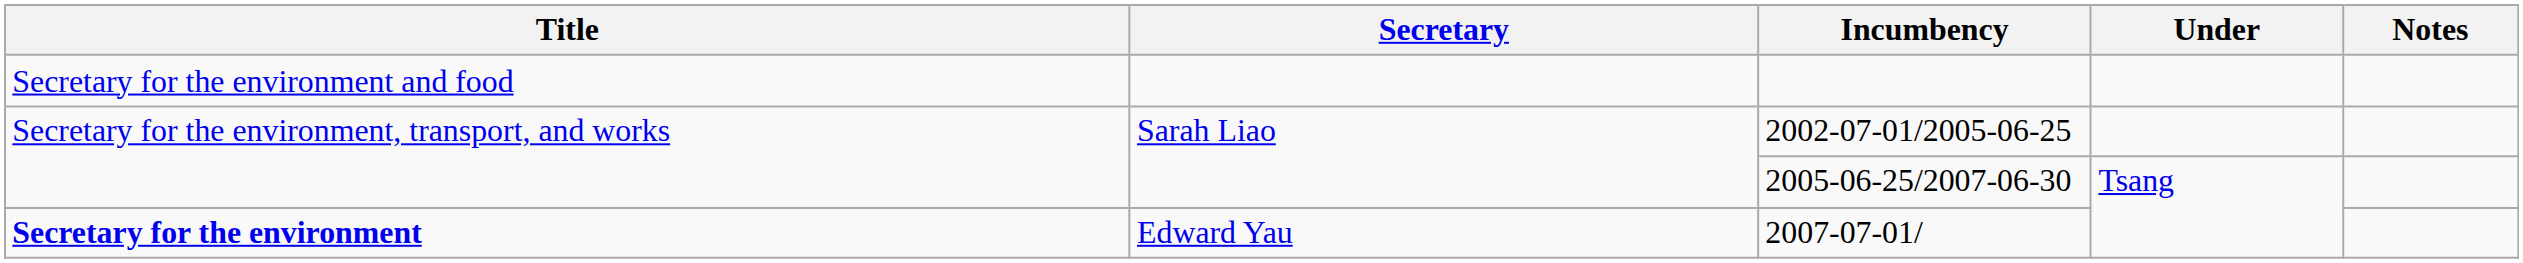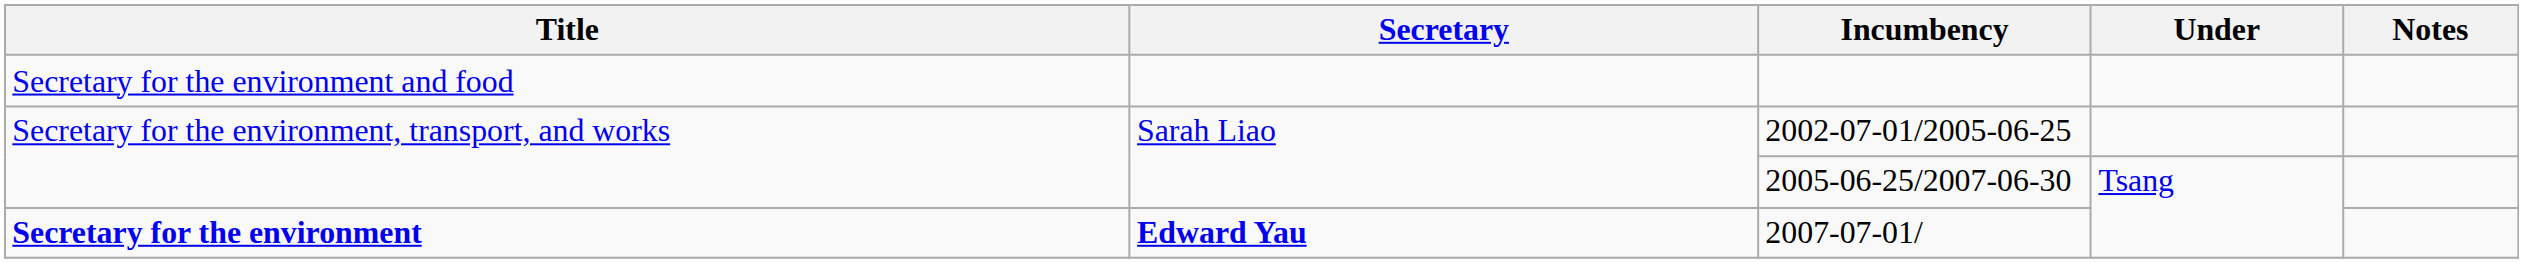 <table class="wikitable" style="width:100%;">
 <tr>
 <th>Title</th>
 <th style="width:25%;"><a href='#'>Secretary</a></th>
 <th style="width:160px;">Incumbency</th>
 <th style="width:10%;">Under</th>
 <th style="width:7%;">Notes</th>
 </tr>
 <tr>
 <td><a href='#'>Secretary for the environment and food</a></td>
 <td></td>
 <td></td>
 <td></td>
 <td></td>
 </tr>
 <tr>
 <td rowspan="2" style="vertical-align:top;"><a href='#'>Secretary for the environment, transport, and works</a></td>
 <td rowspan="2" style="vertical-align:top;"><a href='#'>Sarah Liao</a></td>
 <td>2002-07-01/2005-06-25</td>
 <td></td>
 <td></td>
 </tr>
 <tr>
 <td>2005-06-25/2007-06-30</td>
 <td rowspan="2" style="vertical-align:top;"><a href='#'>Tsang</a></td>
 <td></td>
 </tr>
 <tr>
 <td><strong><a href='#'>Secretary for the environment</a></strong></td>
-<td><a href='#'>Edward Yau</a></td>
+<td><strong><a href='#'>Edward Yau</a></strong></td>
 <td>2007-07-01/</td>
 <td></td>
 </tr>
 </table>
